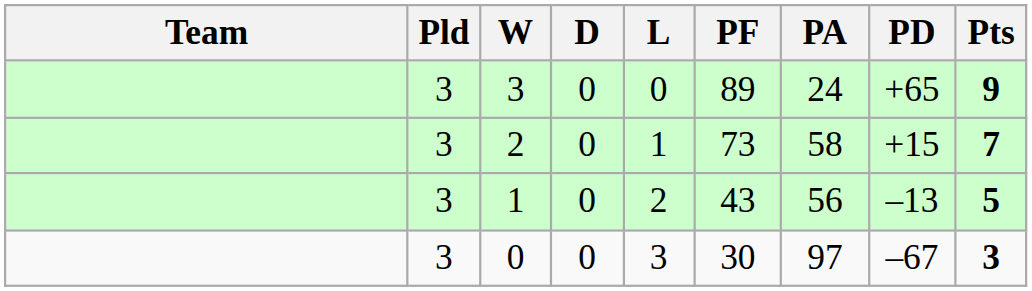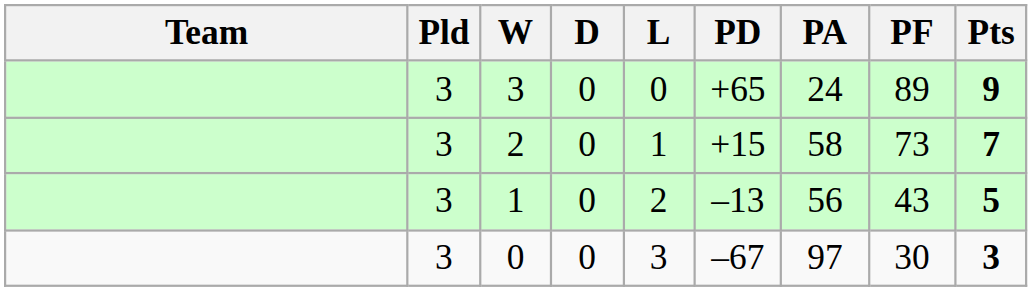 <table class="wikitable" style="text-align:center;">
 <tr>
 <th width=175>Team</th>
 <th width=25 abbr="Played">Pld</th>
 <th width=25 abbr="Won">W</th>
 <th width=25 abbr="Drawn">D</th>
 <th width=25 abbr="Lost">L</th>
+<th width=32 abbr="Points difference">PD</th>
+<th width=32 abbr="Points against">PA</th>
 <th width=32 abbr="Points for">PF</th>
-<th width=32 abbr="Points against">PA</th>
-<th width=32 abbr="Points difference">PD</th>
 <th width=25 abbr="Points">Pts</th>
 </tr>
 <tr bgcolor=ccffcc>
 <td align=left></td>
 <td>3</td>
 <td>3</td>
 <td>0</td>
 <td>0</td>
+<td>+65</td>
+<td>24</td>
 <td>89</td>
-<td>24</td>
-<td>+65</td>
 <td><strong>9</strong></td>
 </tr>
 <tr bgcolor=ccffcc>
 <td align=left></td>
 <td>3</td>
 <td>2</td>
 <td>0</td>
 <td>1</td>
+<td>+15</td>
+<td>58</td>
 <td>73</td>
-<td>58</td>
-<td>+15</td>
 <td><strong>7</strong></td>
 </tr>
 <tr bgcolor=ccffcc>
 <td align=left></td>
 <td>3</td>
 <td>1</td>
 <td>0</td>
 <td>2</td>
+<td>–13</td>
+<td>56</td>
 <td>43</td>
-<td>56</td>
-<td>–13</td>
 <td><strong>5</strong></td>
 </tr>
 <tr>
 <td align=left></td>
 <td>3</td>
 <td>0</td>
 <td>0</td>
 <td>3</td>
+<td>–67</td>
+<td>97</td>
 <td>30</td>
-<td>97</td>
-<td>–67</td>
 <td><strong>3</strong></td>
 </tr>
 </table>
